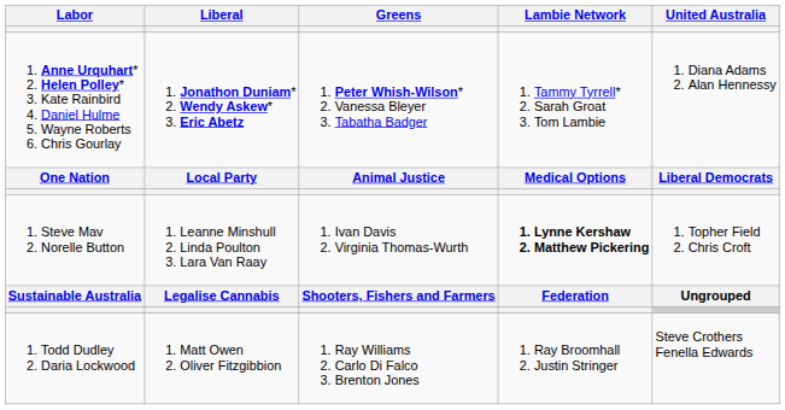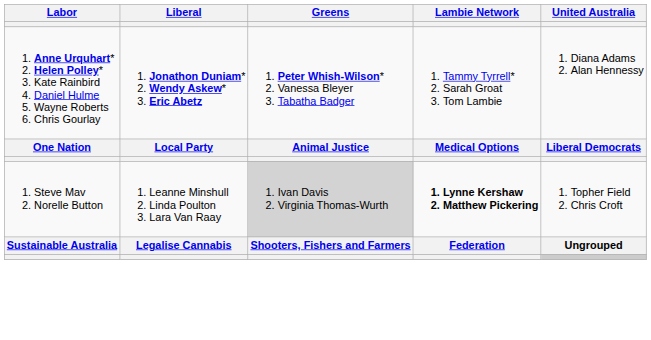 <table class=wikitable>
 <tr>
 <th><a href='#'>Labor</a></th>
 <th><a href='#'>Liberal</a></th>
 <th><a href='#'>Greens</a></th>
 <th><a href='#'>Lambie Network</a></th>
 <th><a href='#'>United Australia</a></th>
 </tr>
 <tr style=background:#ccc>
 <th></th>
 <th></th>
 <th></th>
 <th></th>
 <th></th>
 </tr>
 <tr>
 <td><br><ol><li><strong><a href='#'>Anne Urquhart</a></strong>*</li><li><strong><a href='#'>Helen Polley</a></strong>*</li><li>Kate Rainbird</li><li><a href='#'>Daniel Hulme</a></li><li>Wayne Roberts</li><li>Chris Gourlay</li></ol></td>
 <td><br><ol><li><strong><a href='#'>Jonathon Duniam</a></strong>*</li><li><strong><a href='#'>Wendy Askew</a></strong>*</li><li><strong><a href='#'>Eric Abetz</a></strong></li></ol></td>
 <td><br><ol><li><strong><a href='#'>Peter Whish-Wilson</a></strong>*</li><li>Vanessa Bleyer</li><li><a href='#'>Tabatha Badger</a></li></ol></td>
 <td><br><ol><li><a href='#'>Tammy Tyrrell</a>*</li><li>Sarah Groat</li><li>Tom Lambie</li></ol></td>
 <td valign=top><br><ol><li>Diana Adams</li><li>Alan Hennessy</li></ol></td>
 </tr>
 <tr>
 <th><a href='#'>One Nation</a></th>
 <th><a href='#'>Local Party</a></th>
 <th><a href='#'>Animal Justice</a></th>
 <th><a href='#'>Medical Options</a></th>
 <th><a href='#'>Liberal Democrats</a></th>
 </tr>
 <tr>
 <th></th>
 <th></th>
 <th></th>
 <th></th>
 <th></th>
 </tr>
 <tr>
 <td valign=top><br><ol><li>Steve Mav</li><li>Norelle Button</li></ol></td>
 <td valign=top><br><ol><li>Leanne Minshull</li><li>Linda Poulton</li><li>Lara Van Raay</li></ol></td>
-<td valign=top><br><ol><li>Ivan Davis</li><li>Virginia Thomas-Wurth</li></ol></td>
+<td valign=top style="background: lightgrey;"><br><ol><li>Ivan Davis</li><li>Virginia Thomas-Wurth</li></ol></td>
 <td valign=top><strong><br><ol><li>Lynne Kershaw</li><li>Matthew Pickering</li></ol></strong></td>
 <td valign=top><br><ol><li>Topher Field</li><li>Chris Croft</li></ol></td>
 </tr>
 <tr>
 <th><a href='#'>Sustainable Australia</a></th>
 <th><a href='#'>Legalise Cannabis</a></th>
 <th><a href='#'>Shooters, Fishers and Farmers</a></th>
 <th><a href='#'>Federation</a></th>
 <th>Ungrouped</th>
 </tr>
 <tr style=background:#ccc>
 <th></th>
 <th></th>
 <th></th>
 <th></th>
 <td></td>
 </tr>
-<tr>
-<td valign=top><br><ol><li>Todd Dudley</li><li>Daria Lockwood</li></ol></td>
-<td valign=top><br><ol><li>Matt Owen</li><li>Oliver Fitzgibbion</li></ol></td>
-<td valign=top><br><ol><li>Ray Williams</li><li>Carlo Di Falco</li><li>Brenton Jones</li></ol></td>
-<td valign=top><br><ol><li>Ray Broomhall</li><li>Justin Stringer</li></ol></td>
-<td valign=top><br>Steve Crothers <br> Fenella Edwards</td>
-</tr>
 </table>
